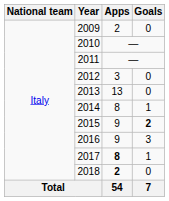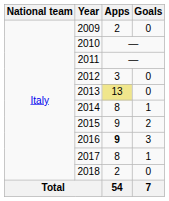 <table class="wikitable" style="text-align:center">
 <tr>
 <th>National team</th>
 <th>Year</th>
 <th>Apps</th>
 <th>Goals</th>
 </tr>
 <tr>
 <td rowspan="10"><a href='#'>Italy</a></td>
 <td>2009</td>
 <td>2</td>
 <td>0</td>
 </tr>
 <tr>
 <td>2010</td>
 <td colspan="2">—</td>
 </tr>
 <tr>
 <td>2011</td>
 <td colspan="2">—</td>
 </tr>
 <tr>
 <td>2012</td>
 <td>3</td>
 <td>0</td>
 </tr>
 <tr>
 <td>2013</td>
-<td>13</td>
+<td style="background: khaki;">13</td>
 <td>0</td>
 </tr>
 <tr>
 <td>2014</td>
 <td>8</td>
 <td>1</td>
 </tr>
 <tr>
 <td>2015</td>
 <td>9</td>
-<td><strong>2</strong></td>
+<td>2</td>
 </tr>
 <tr>
 <td>2016</td>
-<td>9</td>
+<td><strong>9</strong></td>
 <td>3</td>
 </tr>
 <tr>
 <td>2017</td>
-<td><strong>8</strong></td>
+<td>8</td>
 <td>1</td>
 </tr>
 <tr>
 <td>2018</td>
-<td><strong>2</strong></td>
+<td>2</td>
 <td>0</td>
 </tr>
 <tr>
 <th colspan="2">Total</th>
 <th>54</th>
 <th>7</th>
 </tr>
 </table>
